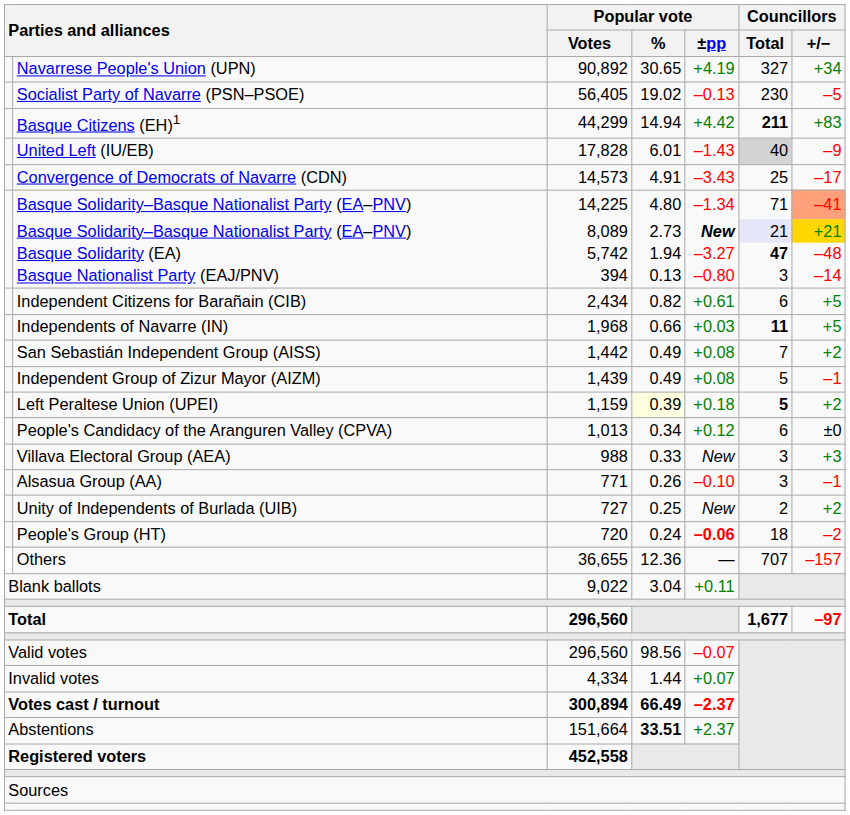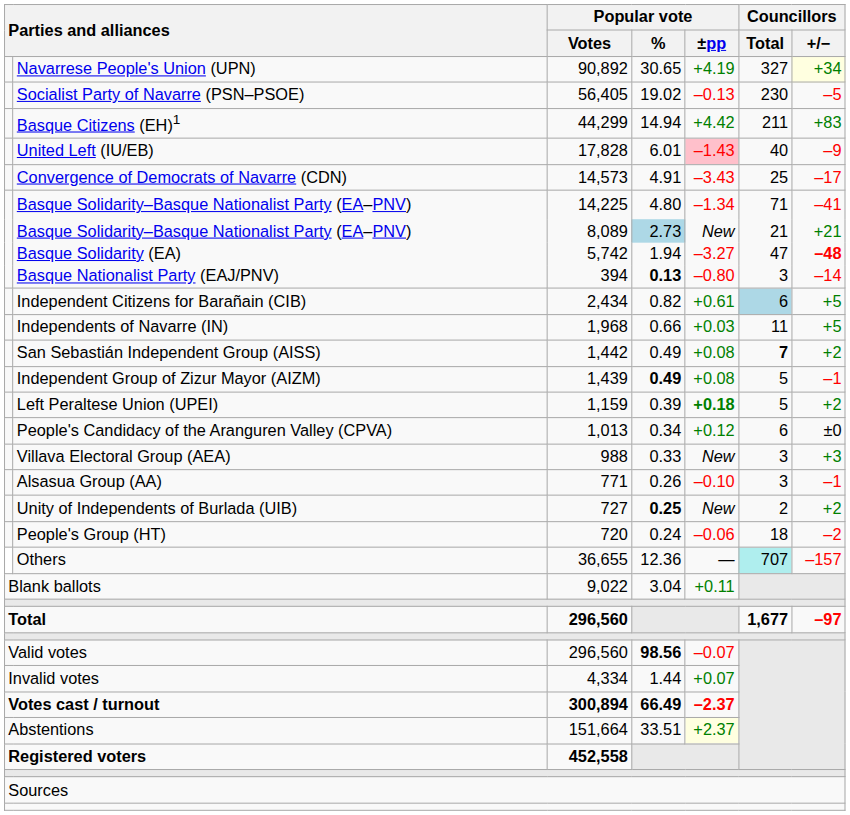 <table class="wikitable" style="text-align:right;">
 <tr>
 <th style="text-align:left;" rowspan="2" colspan="2" width="525">Parties and alliances</th>
 <th colspan="3">Popular vote</th>
 <th colspan="2">Councillors</th>
 </tr>
 <tr>
 <th width="75">Votes</th>
 <th width="45">%</th>
 <th width="45">±<a href='#'>pp</a></th>
 <th width="45">Total</th>
 <th width="45">+/−</th>
 </tr>
 <tr>
 <td width="1" style="color:inherit;background:"></td>
 <td align="left"><a href='#'>Navarrese People's Union</a> (UPN)</td>
 <td>90,892</td>
 <td>30.65</td>
 <td style="color:green;">+4.19</td>
 <td>327</td>
-<td style="color:green;">+34</td>
+<td style="background: lightyellow; color:green;">+34</td>
 </tr>
 <tr>
 <td style="color:inherit;background:"></td>
 <td align="left"><a href='#'>Socialist Party of Navarre</a> (PSN–PSOE)</td>
 <td>56,405</td>
 <td>19.02</td>
 <td style="color:red;">–0.13</td>
 <td>230</td>
 <td style="color:red;">–5</td>
 </tr>
 <tr>
 <td style="color:inherit;background:"></td>
 <td align="left"><a href='#'>Basque Citizens</a> (EH)<sup>1</sup></td>
 <td>44,299</td>
 <td>14.94</td>
 <td style="color:green;">+4.42</td>
-<td><strong>211</strong></td>
+<td>211</td>
 <td style="color:green;">+83</td>
 </tr>
 <tr>
 <td style="color:inherit;background:"></td>
 <td align="left"><a href='#'>United Left</a> (IU/EB)</td>
 <td>17,828</td>
 <td>6.01</td>
-<td style="color:red;">–1.43</td>
-<td style="background: lightgrey;">40</td>
+<td style="background: pink; color:red;">–1.43</td>
+<td>40</td>
 <td style="color:red;">–9</td>
 </tr>
 <tr>
 <td style="color:inherit;background:"></td>
 <td align="left"><a href='#'>Convergence of Democrats of Navarre</a> (CDN)</td>
 <td>14,573</td>
 <td>4.91</td>
 <td style="color:red;">–3.43</td>
 <td>25</td>
 <td style="color:red;">–17</td>
 </tr>
 <tr style="line-height:22px;">
 <td rowspan="4" style="color:inherit;background:"></td>
 <td align="left"><a href='#'>Basque Solidarity–Basque Nationalist Party</a> (<a href='#'>EA</a>–<a href='#'>PNV</a>)</td>
 <td>14,225</td>
 <td>4.80</td>
 <td style="color:red;">–1.34</td>
 <td>71</td>
-<td style="background: lightsalmon; color:red;">–41</td>
+<td style="color:red;">–41</td>
 </tr>
 <tr style="border-bottom-style:hidden; border-top-style:hidden; line-height:16px;">
 <td align="left"><span><a href='#'>Basque Solidarity–Basque Nationalist Party</a> (<a href='#'>EA</a>–<a href='#'>PNV</a>)</span></td>
 <td>8,089</td>
-<td>2.73</td>
-<td><strong><em>New</em></strong></td>
-<td style="background: lavender;">21</td>
-<td style="background: gold; color:green;">+21</td>
+<td style="background: lightblue;">2.73</td>
+<td><em>New</em></td>
+<td>21</td>
+<td style="color:green;">+21</td>
 </tr>
 <tr style="border-bottom-style:hidden; line-height:16px;">
 <td align="left"><span><a href='#'>Basque Solidarity</a> (EA)</span></td>
 <td>5,742</td>
 <td>1.94</td>
 <td style="color:red;">–3.27</td>
-<td><strong>47</strong></td>
-<td style="color:red;">–48</td>
+<td>47</td>
+<td style="color:red;"><strong>–48</strong></td>
 </tr>
 <tr style="line-height:16px;">
 <td align="left"><span><a href='#'>Basque Nationalist Party</a> (EAJ/PNV)</span></td>
 <td>394</td>
-<td>0.13</td>
+<td><strong>0.13</strong></td>
 <td style="color:red;">–0.80</td>
 <td>3</td>
 <td style="color:red;">–14</td>
 </tr>
 <tr>
 <td style="color:inherit;background:"></td>
 <td align="left">Independent Citizens for Barañain (CIB)</td>
 <td>2,434</td>
 <td>0.82</td>
 <td style="color:green;">+0.61</td>
-<td>6</td>
+<td style="background: lightblue;">6</td>
 <td style="color:green;">+5</td>
 </tr>
 <tr>
 <td style="color:inherit;background:"></td>
 <td align="left">Independents of Navarre (IN)</td>
 <td>1,968</td>
 <td>0.66</td>
 <td style="color:green;">+0.03</td>
-<td><strong>11</strong></td>
+<td>11</td>
 <td style="color:green;">+5</td>
 </tr>
 <tr>
 <td style="color:inherit;background:"></td>
 <td align="left">San Sebastián Independent Group (AISS)</td>
 <td>1,442</td>
 <td>0.49</td>
 <td style="color:green;">+0.08</td>
-<td>7</td>
+<td><strong>7</strong></td>
 <td style="color:green;">+2</td>
 </tr>
 <tr>
 <td style="color:inherit;background:"></td>
 <td align="left">Independent Group of Zizur Mayor (AIZM)</td>
 <td>1,439</td>
-<td>0.49</td>
+<td><strong>0.49</strong></td>
 <td style="color:green;">+0.08</td>
 <td>5</td>
 <td style="color:red;">–1</td>
 </tr>
 <tr>
 <td style="color:inherit;background:"></td>
 <td align="left">Left Peraltese Union (UPEI)</td>
 <td>1,159</td>
-<td style="background: lightyellow;">0.39</td>
-<td style="color:green;">+0.18</td>
-<td><strong>5</strong></td>
+<td>0.39</td>
+<td style="color:green;"><strong>+0.18</strong></td>
+<td>5</td>
 <td style="color:green;">+2</td>
 </tr>
 <tr>
 <td style="color:inherit;background:"></td>
 <td align="left">People's Candidacy of the Aranguren Valley (CPVA)</td>
 <td>1,013</td>
 <td>0.34</td>
 <td style="color:green;">+0.12</td>
 <td>6</td>
 <td>±0</td>
 </tr>
 <tr>
 <td style="color:inherit;background:"></td>
 <td align="left">Villava Electoral Group (AEA)</td>
 <td>988</td>
 <td>0.33</td>
 <td><em>New</em></td>
 <td>3</td>
 <td style="color:green;">+3</td>
 </tr>
 <tr>
 <td style="color:inherit;background:"></td>
 <td align="left">Alsasua Group (AA)</td>
 <td>771</td>
 <td>0.26</td>
 <td style="color:red;">–0.10</td>
 <td>3</td>
 <td style="color:red;">–1</td>
 </tr>
 <tr>
 <td style="color:inherit;background:"></td>
 <td align="left">Unity of Independents of Burlada (UIB)</td>
 <td>727</td>
-<td>0.25</td>
+<td><strong>0.25</strong></td>
 <td><em>New</em></td>
 <td>2</td>
 <td style="color:green;">+2</td>
 </tr>
 <tr>
 <td style="color:inherit;background:"></td>
 <td align="left">People's Group (HT)</td>
 <td>720</td>
 <td>0.24</td>
-<td style="color:red;"><strong>–0.06</strong></td>
+<td style="color:red;">–0.06</td>
 <td>18</td>
 <td style="color:red;">–2</td>
 </tr>
 <tr>
 <td bgcolor="white"></td>
 <td align="left">Others</td>
 <td>36,655</td>
 <td>12.36</td>
 <td>—</td>
-<td>707</td>
+<td style="background: paleturquoise;">707</td>
 <td style="color:red;">–157</td>
 </tr>
 <tr>
 <td align="left" colspan="2">Blank ballots</td>
 <td>9,022</td>
 <td>3.04</td>
 <td style="color:green;">+0.11</td>
 <td bgcolor="#E9E9E9" colspan="2"></td>
 </tr>
 <tr>
 <td colspan="7" bgcolor="#E9E9E9"></td>
 </tr>
 <tr style="font-weight:bold;">
 <td align="left" colspan="2">Total</td>
 <td>296,560</td>
 <td bgcolor="#E9E9E9" colspan="2"></td>
 <td>1,677</td>
 <td style="color:red;">–97</td>
 </tr>
 <tr>
 <td colspan="7" bgcolor="#E9E9E9"></td>
 </tr>
 <tr>
 <td align="left" colspan="2">Valid votes</td>
 <td>296,560</td>
-<td>98.56</td>
+<td><strong>98.56</strong></td>
 <td style="color:red;">–0.07</td>
 <td bgcolor="#E9E9E9" colspan="2" rowspan="5"></td>
 </tr>
 <tr>
 <td align="left" colspan="2">Invalid votes</td>
 <td>4,334</td>
 <td>1.44</td>
 <td style="color:green;">+0.07</td>
 </tr>
 <tr style="font-weight:bold;">
 <td align="left" colspan="2">Votes cast / turnout</td>
 <td>300,894</td>
 <td>66.49</td>
 <td style="color:red;">–2.37</td>
 </tr>
 <tr>
 <td align="left" colspan="2">Abstentions</td>
 <td>151,664</td>
-<td><strong>33.51</strong></td>
-<td style="color:green;">+2.37</td>
+<td>33.51</td>
+<td style="background: lightyellow; color:green;">+2.37</td>
 </tr>
 <tr style="font-weight:bold;">
 <td align="left" colspan="2">Registered voters</td>
 <td>452,558</td>
 <td bgcolor="#E9E9E9" colspan="2"></td>
 </tr>
 <tr>
 <td colspan="7" bgcolor="#E9E9E9"></td>
 </tr>
 <tr>
 <td align="left" colspan="7">Sources</td>
 </tr>
 <tr>
 <td colspan="7" style="text-align:left; max-width:790px;"></td>
 </tr>
 </table>
